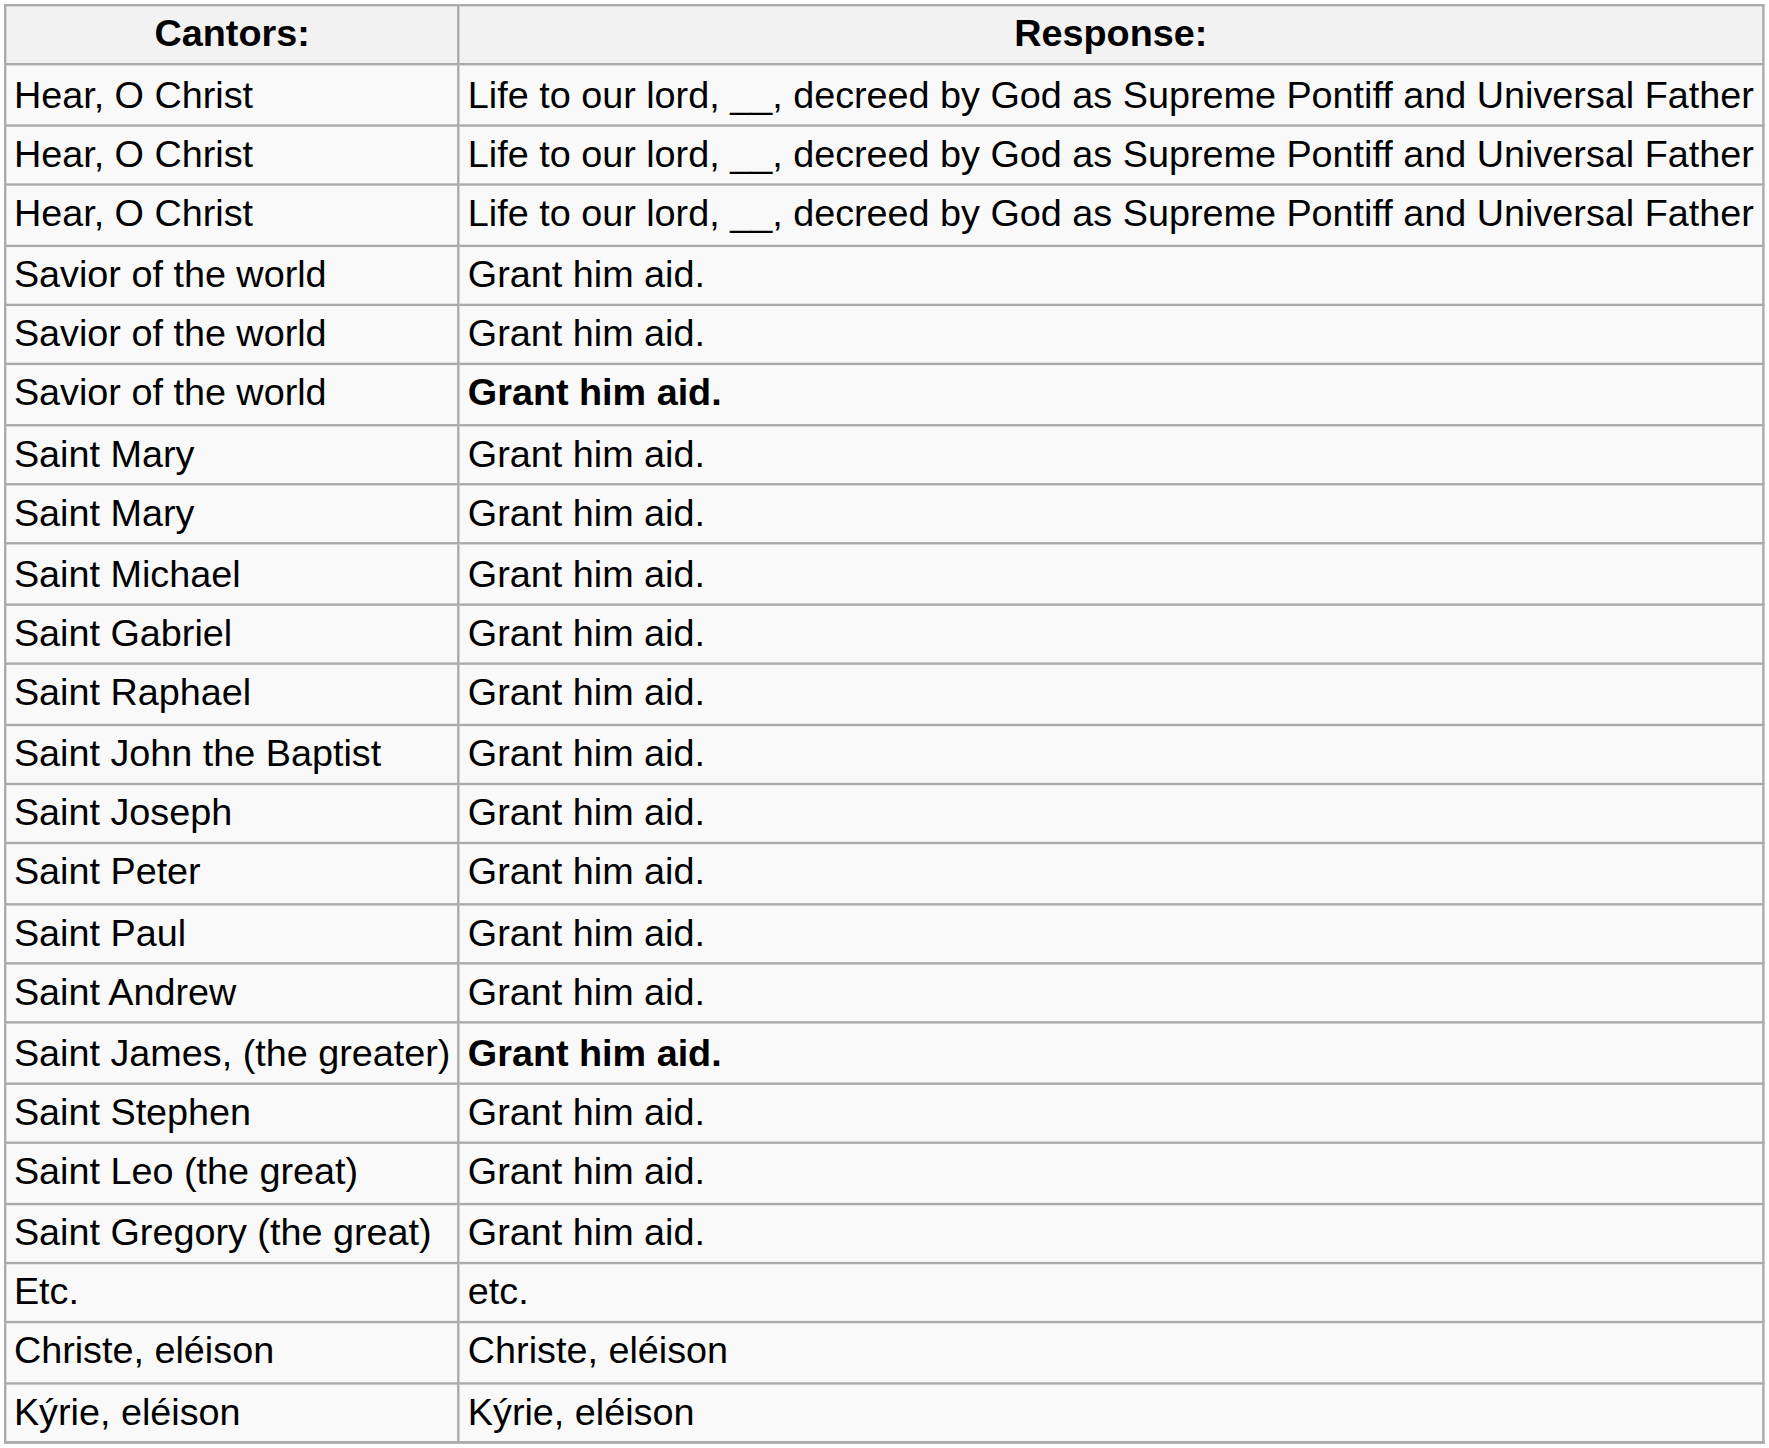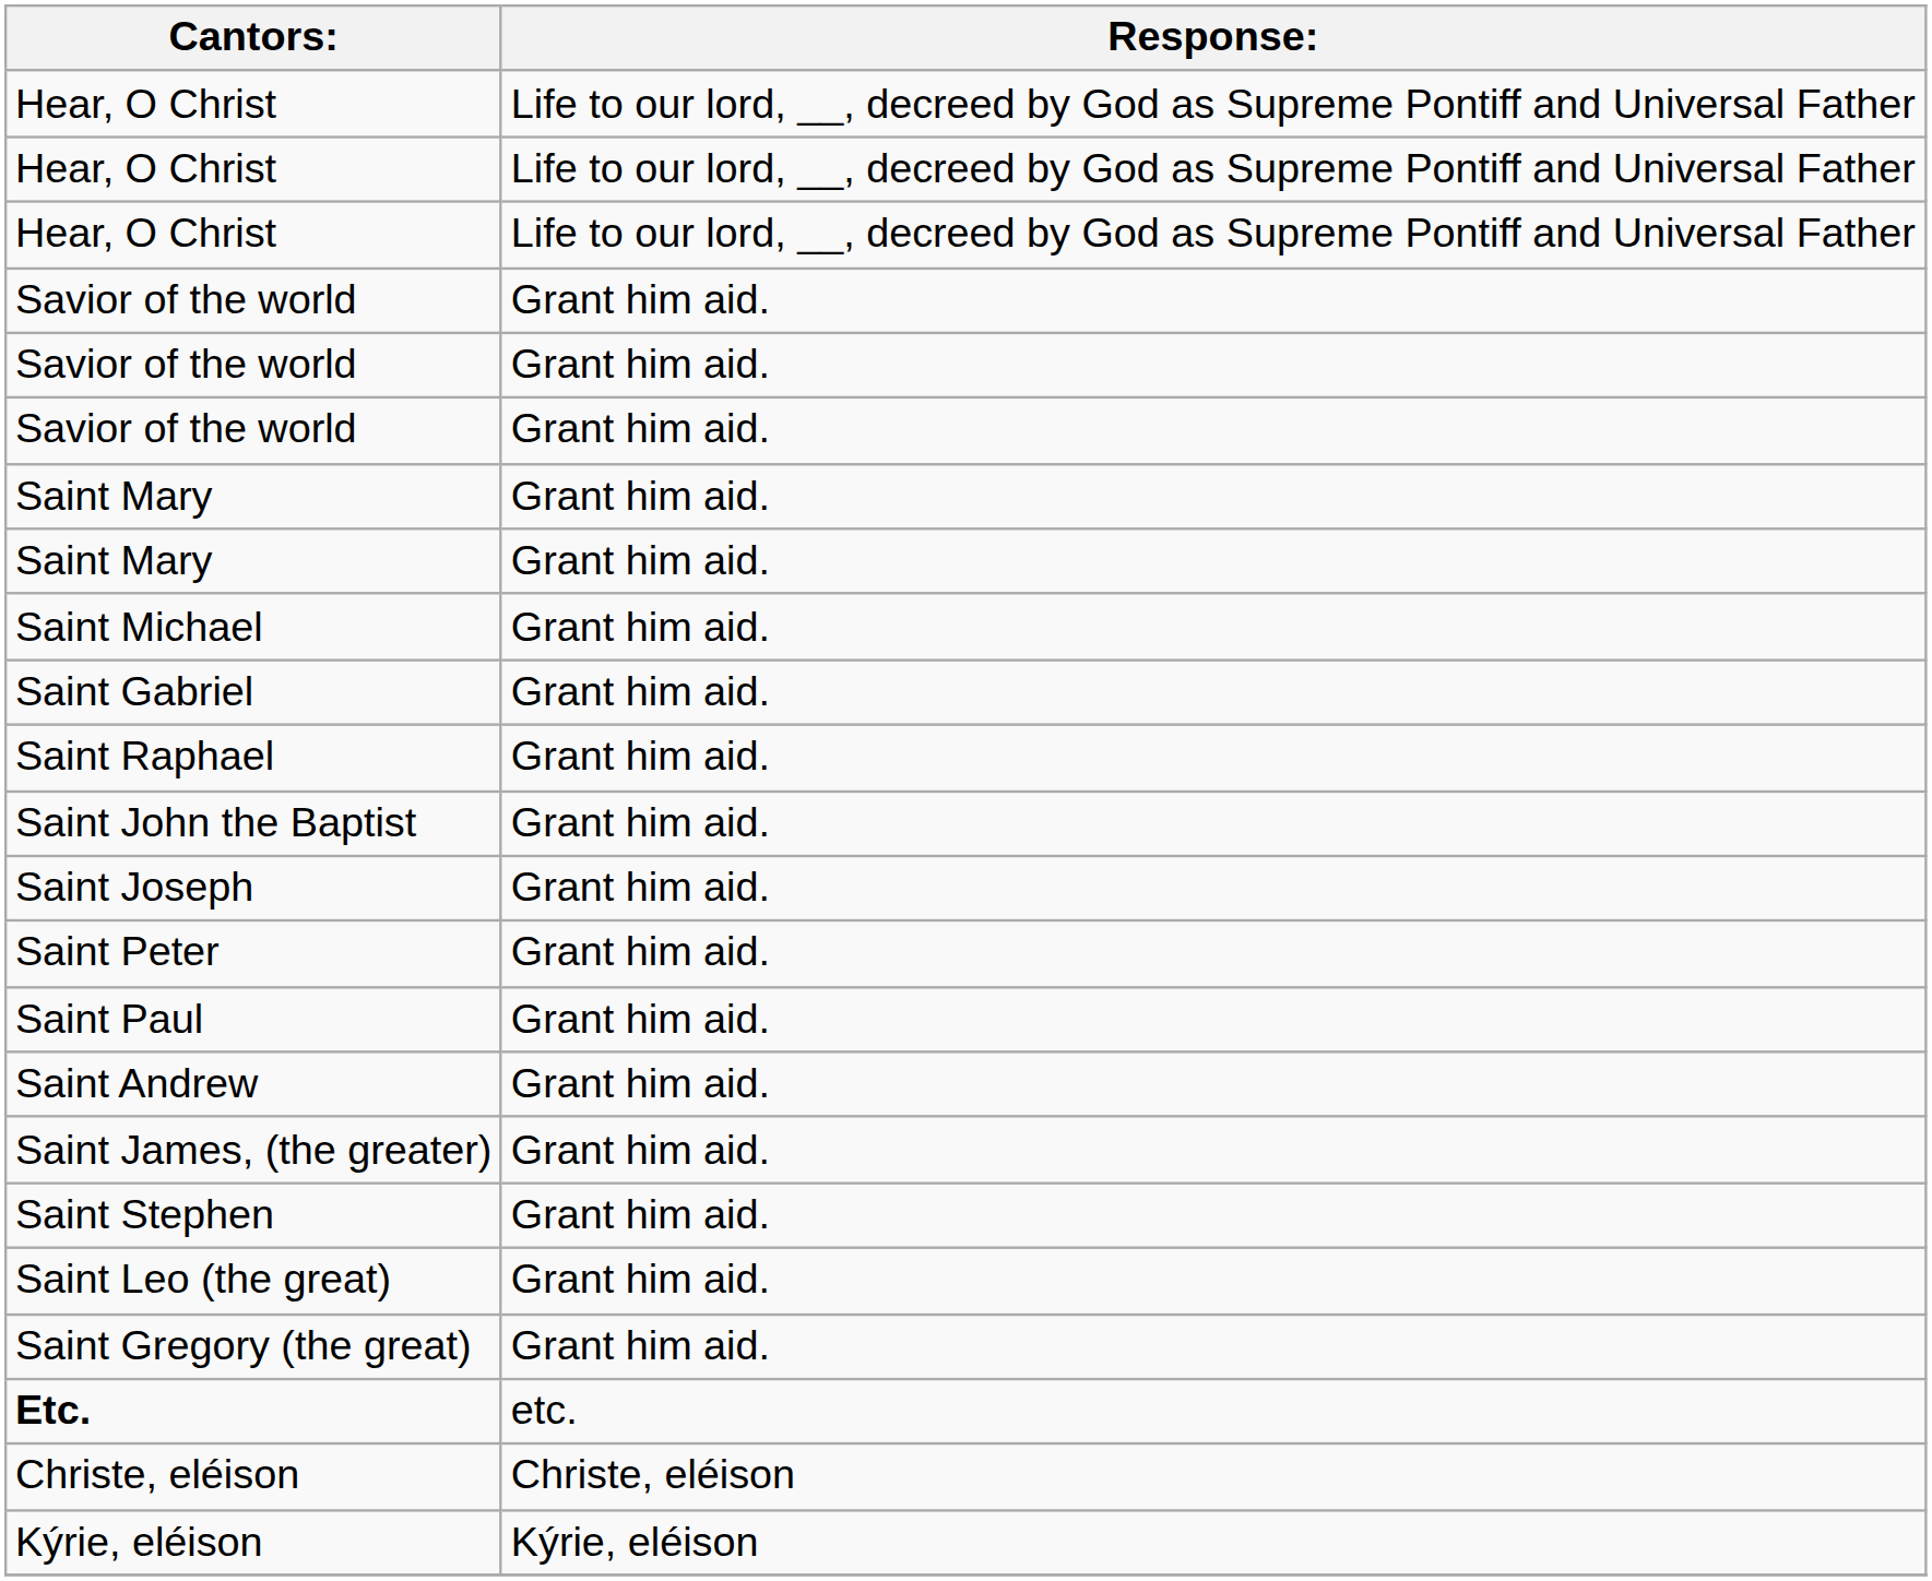 <table class="wikitable">
 <tr>
 <th>Cantors:</th>
 <th>Response:</th>
 </tr>
 <tr>
 <td>Hear, O Christ</td>
 <td>Life to our lord, __, decreed by God as Supreme Pontiff and Universal Father</td>
 </tr>
 <tr>
 <td>Hear, O Christ</td>
 <td>Life to our lord, __, decreed by God as Supreme Pontiff and Universal Father</td>
 </tr>
 <tr>
 <td>Hear, O Christ</td>
 <td>Life to our lord, __, decreed by God as Supreme Pontiff and Universal Father</td>
 </tr>
 <tr>
 <td>Savior of the world</td>
 <td>Grant him aid.</td>
 </tr>
 <tr>
 <td>Savior of the world</td>
 <td>Grant him aid.</td>
 </tr>
 <tr>
 <td>Savior of the world</td>
-<td><strong>Grant him aid.</strong></td>
+<td>Grant him aid.</td>
 </tr>
 <tr>
 <td>Saint Mary</td>
 <td>Grant him aid.</td>
 </tr>
 <tr>
 <td>Saint Mary</td>
 <td>Grant him aid.</td>
 </tr>
 <tr>
 <td>Saint Michael</td>
 <td>Grant him aid.</td>
 </tr>
 <tr>
 <td>Saint Gabriel</td>
 <td>Grant him aid.</td>
 </tr>
 <tr>
 <td>Saint Raphael</td>
 <td>Grant him aid.</td>
 </tr>
 <tr>
 <td>Saint John the Baptist</td>
 <td>Grant him aid.</td>
 </tr>
 <tr>
 <td>Saint Joseph</td>
 <td>Grant him aid.</td>
 </tr>
 <tr>
 <td>Saint Peter</td>
 <td>Grant him aid.</td>
 </tr>
 <tr>
 <td>Saint Paul</td>
 <td>Grant him aid.</td>
 </tr>
 <tr>
 <td>Saint Andrew</td>
 <td>Grant him aid.</td>
 </tr>
 <tr>
 <td>Saint James, (the greater)</td>
-<td><strong>Grant him aid.</strong></td>
+<td>Grant him aid.</td>
 </tr>
 <tr>
 <td>Saint Stephen</td>
 <td>Grant him aid.</td>
 </tr>
 <tr>
 <td>Saint Leo (the great)</td>
 <td>Grant him aid.</td>
 </tr>
 <tr>
 <td>Saint Gregory (the great)</td>
 <td>Grant him aid.</td>
 </tr>
 <tr>
-<td>Etc.</td>
+<td><strong>Etc.</strong></td>
 <td>etc.</td>
 </tr>
 <tr>
 <td>Christe, eléison</td>
 <td>Christe, eléison</td>
 </tr>
 <tr>
 <td>Kýrie, eléison</td>
 <td>Kýrie, eléison</td>
 </tr>
 <tr>
 </tr>
 </table>
